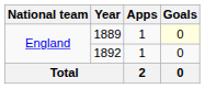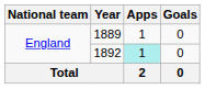 <table class="wikitable" style="text-align:center">
 <tr>
 <th>National team</th>
 <th>Year</th>
 <th>Apps</th>
 <th>Goals</th>
 </tr>
 <tr>
 <td rowspan="2"><a href='#'>England</a></td>
 <td>1889</td>
 <td>1</td>
-<td style="background: lightyellow;">0</td>
+<td>0</td>
 </tr>
 <tr>
 <td>1892</td>
-<td>1</td>
+<td style="background: paleturquoise;">1</td>
 <td>0</td>
 </tr>
 <tr>
 <th colspan="2">Total</th>
 <th>2</th>
 <th>0</th>
 </tr>
 </table>
